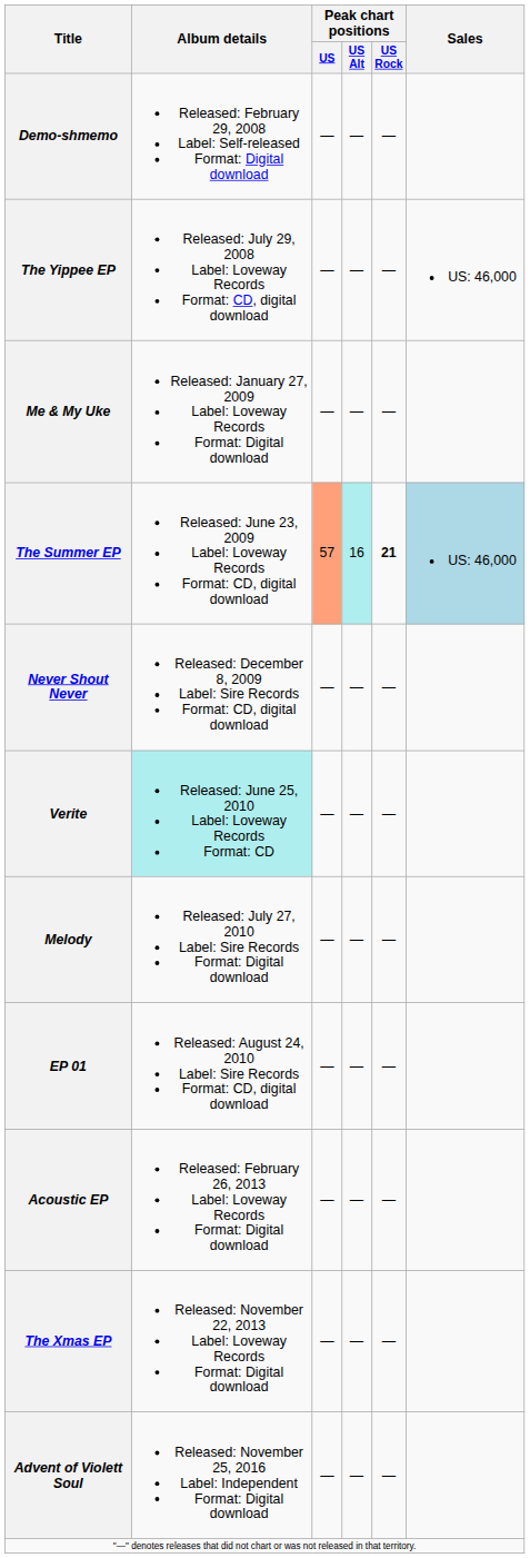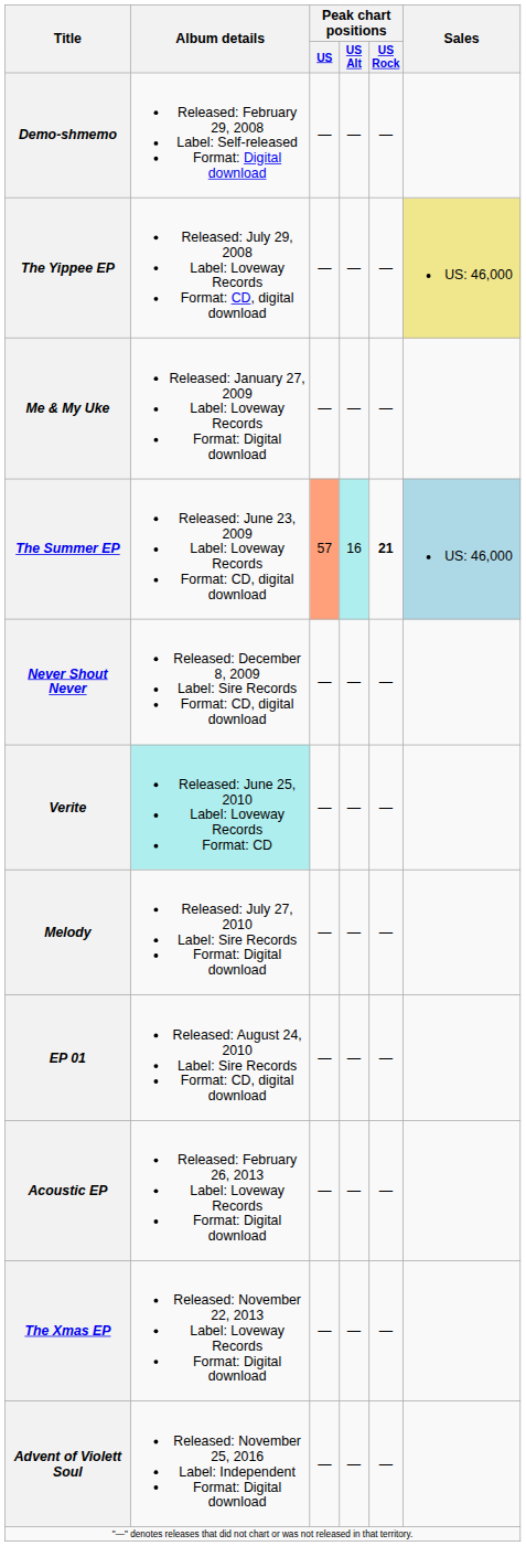 <table class="wikitable plainrowheaders" style="text-align:center;">
 <tr>
 <th scope="col" rowspan="2" style="width:12em;">Title</th>
 <th scope="col" rowspan="2" style="width:16em;">Album details</th>
 <th scope="col" colspan="3">Peak chart positions</th>
 <th scope="col" rowspan="2" style="width:10em;">Sales</th>
 </tr>
 <tr>
 <th style="width:35px;font-size:smaller;"><a href='#'>US</a><br></th>
 <th style="width:35px;font-size:smaller;"><a href='#'>US<br>Alt</a><br></th>
 <th style="width:35px;font-size:smaller;"><a href='#'>US<br>Rock</a><br></th>
 </tr>
 <tr>
 <th scope="row"><em>Demo-shmemo</em></th>
 <td><br><ul><li>Released: February 29, 2008</li><li>Label: Self-released</li><li>Format: <a href='#'>Digital download</a></li></ul></td>
 <td>—</td>
 <td>—</td>
 <td>—</td>
 <td></td>
 </tr>
 <tr>
 <th scope="row"><em>The Yippee EP</em></th>
 <td><br><ul><li>Released: July 29, 2008</li><li>Label: Loveway Records</li><li>Format: <a href='#'>CD</a>, digital download</li></ul></td>
 <td>—</td>
 <td>—</td>
 <td>—</td>
-<td><br><ul><li>US: 46,000</li></ul></td>
+<td style="background: khaki;"><br><ul><li>US: 46,000</li></ul></td>
 </tr>
 <tr>
 <th scope="row"><em>Me & My Uke</em></th>
 <td><br><ul><li>Released: January 27, 2009</li><li>Label: Loveway Records</li><li>Format: Digital download</li></ul></td>
 <td>—</td>
 <td>—</td>
 <td>—</td>
 <td></td>
 </tr>
 <tr>
 <th scope="row"><em><a href='#'>The Summer EP</a></em></th>
 <td><br><ul><li>Released: June 23, 2009</li><li>Label: Loveway Records</li><li>Format: CD, digital download</li></ul></td>
 <td style="background: lightsalmon;">57</td>
 <td style="background: paleturquoise;">16</td>
 <td><strong>21</strong></td>
 <td style="background: lightblue;"><br><ul><li>US: 46,000</li></ul></td>
 </tr>
 <tr>
 <th scope="row"><em><a href='#'>Never Shout Never</a></em></th>
 <td><br><ul><li>Released: December 8, 2009</li><li>Label: Sire Records</li><li>Format: CD, digital download</li></ul></td>
 <td>—</td>
 <td>—</td>
 <td>—</td>
 <td></td>
 </tr>
 <tr>
 <th scope="row"><em>Verite</em></th>
 <td style="background: paleturquoise;"><br><ul><li>Released: June 25, 2010</li><li>Label: Loveway Records</li><li>Format: CD</li></ul></td>
 <td>—</td>
 <td>—</td>
 <td>—</td>
 <td></td>
 </tr>
 <tr>
 <th scope="row"><em>Melody</em></th>
 <td><br><ul><li>Released: July 27, 2010</li><li>Label: Sire Records</li><li>Format: Digital download</li></ul></td>
 <td>—</td>
 <td>—</td>
 <td>—</td>
 <td></td>
 </tr>
 <tr>
 <th scope="row"><em>EP 01</em></th>
 <td><br><ul><li>Released: August 24, 2010</li><li>Label: Sire Records</li><li>Format: CD, digital download</li></ul></td>
 <td>—</td>
 <td>—</td>
 <td>—</td>
 <td></td>
 </tr>
 <tr>
 <th scope="row"><em>Acoustic EP</em></th>
 <td><br><ul><li>Released: February 26, 2013</li><li>Label: Loveway Records</li><li>Format: Digital download</li></ul></td>
 <td>—</td>
 <td>—</td>
 <td>—</td>
 <td></td>
 </tr>
 <tr>
 <th scope="row"><em><a href='#'>The Xmas EP</a></em></th>
 <td><br><ul><li>Released: November 22, 2013</li><li>Label: Loveway Records</li><li>Format: Digital download</li></ul></td>
 <td>—</td>
 <td>—</td>
 <td>—</td>
 <td></td>
 </tr>
 <tr>
 <th scope="row"><em>Advent of Violett Soul</em></th>
 <td><br><ul><li>Released: November 25, 2016</li><li>Label: Independent</li><li>Format: Digital download</li></ul></td>
 <td>—</td>
 <td>—</td>
 <td>—</td>
 <td></td>
 </tr>
 <tr>
 <td colspan="11" style="font-size:8pt">"—" denotes releases that did not chart or was not released in that territory.</td>
 </tr>
 </table>
